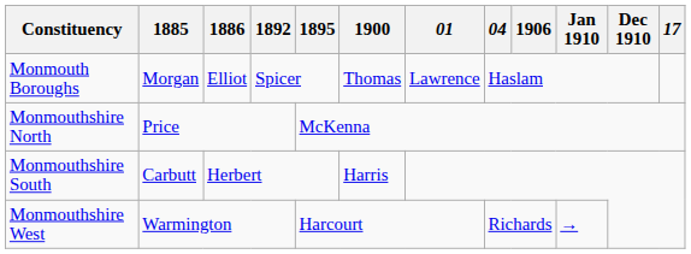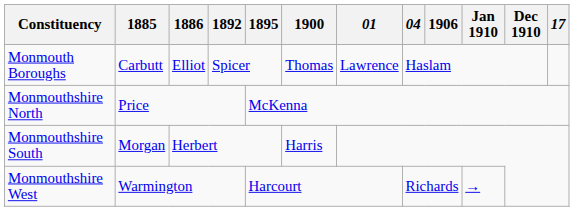 <table class="wikitable">
 <tr>
 <th>Constituency</th>
 <th>1885</th>
 <th>1886</th>
 <th>1892</th>
 <th>1895</th>
 <th>1900</th>
 <th><em>01</em></th>
 <th><em>04</em></th>
 <th>1906</th>
 <th>Jan 1910</th>
 <th>Dec 1910</th>
 <th><em>17</em></th>
 </tr>
 <tr>
 <td><a href='#'>Monmouth Boroughs</a></td>
-<td><a href='#'>Morgan</a></td>
+<td><a href='#'>Carbutt</a></td>
 <td><a href='#'>Elliot</a></td>
 <td colspan="2"><a href='#'>Spicer</a></td>
 <td><a href='#'>Thomas</a></td>
 <td><a href='#'>Lawrence</a></td>
 <td colspan="4"><a href='#'>Haslam</a></td>
 </tr>
 <tr>
 <td><a href='#'>Monmouthshire North</a></td>
 <td colspan="3"><a href='#'>Price</a></td>
 <td colspan="8"><a href='#'>McKenna</a></td>
 </tr>
 <tr>
 <td><a href='#'>Monmouthshire South</a></td>
-<td><a href='#'>Carbutt</a></td>
+<td><a href='#'>Morgan</a></td>
 <td colspan="3"><a href='#'>Herbert</a></td>
 <td><a href='#'>Harris</a></td>
 </tr>
 <tr>
 <td><a href='#'>Monmouthshire West</a></td>
 <td colspan="3"><a href='#'>Warmington</a></td>
 <td colspan="3"><a href='#'>Harcourt</a></td>
 <td colspan="2"><a href='#'>Richards</a></td>
 <td><a href='#'>→</a></td>
 </tr>
 </table>
